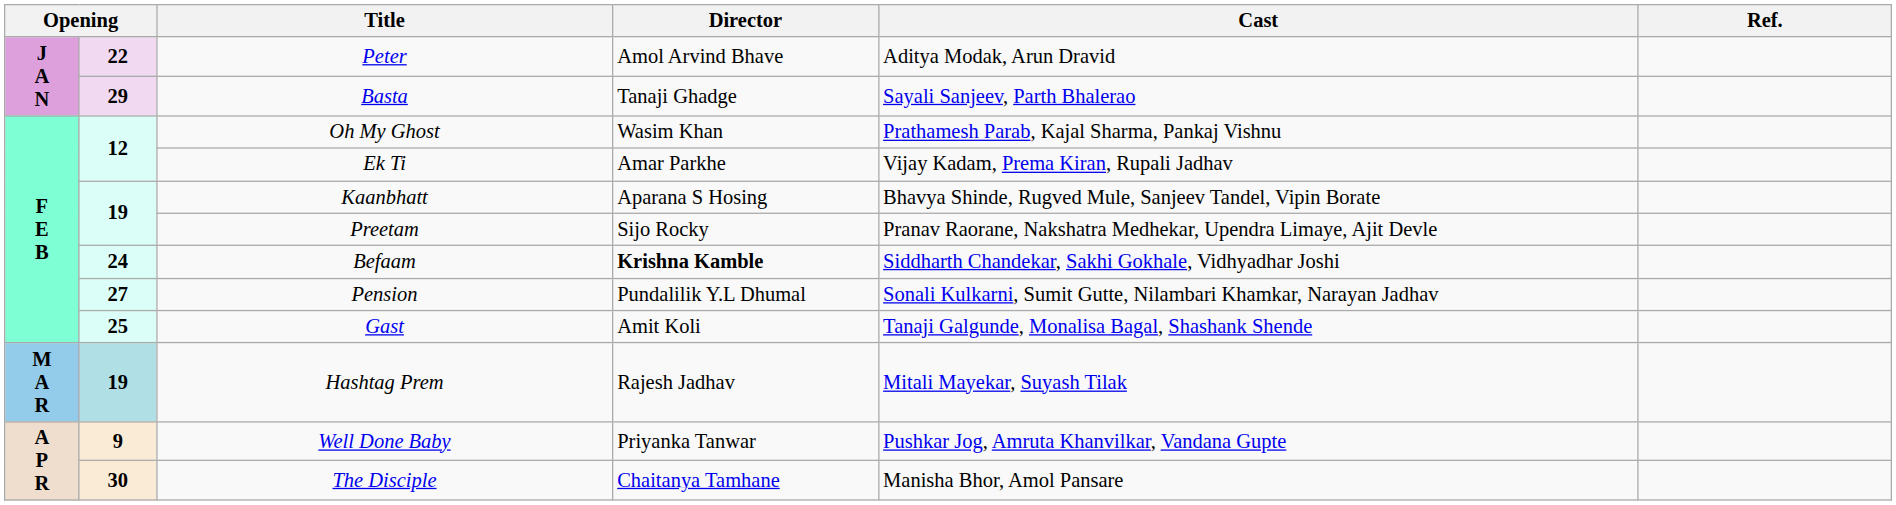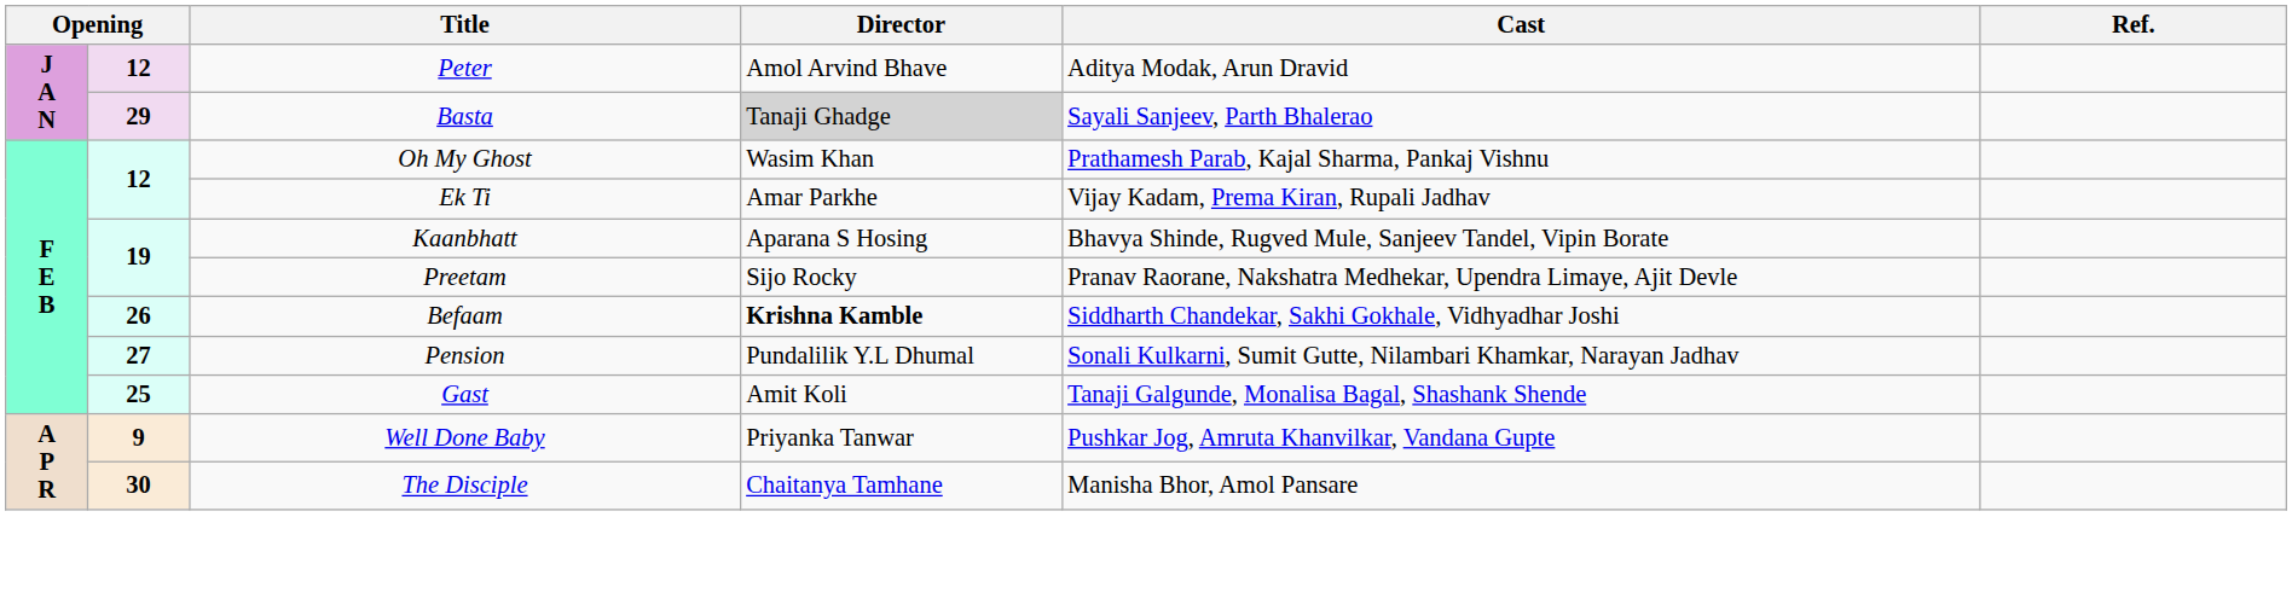 <table class="wikitable sortable">
 <tr>
 <th colspan="2" style="width:6%;"><strong>Opening</strong></th>
 <th style="width:18%;"><strong>Title</strong></th>
 <th style="width:10.5%;"><strong>Director</strong></th>
 <th style="width:30%;"><strong>Cast</strong></th>
 <th style="width:10%;"><strong>Ref.</strong></th>
 </tr>
 <tr January>
 <th rowspan="2" style="text-align:center; background:plum; textcolor:#000;"><strong>J<br>A<br>N</strong></th>
-<td rowspan="1" style="text-align:center;background:#f1daf1;"><strong>22</strong></td>
+<td rowspan="1" style="text-align:center;background:#f1daf1;"><strong>12</strong></td>
 <td style="text-align:center;"><em><a href='#'>Peter</a></em></td>
 <td>Amol Arvind Bhave</td>
 <td>Aditya Modak, Arun Dravid</td>
 <td></td>
 </tr>
 <tr>
 <td rowspan="1" style="text-align:center;background:#f1daf1;"><strong>29</strong></td>
 <td style="text-align:center;"><em><a href='#'>Basta</a></em></td>
-<td>Tanaji Ghadge</td>
+<td style="background: lightgrey;">Tanaji Ghadge</td>
 <td><a href='#'>Sayali Sanjeev</a>, <a href='#'>Parth Bhalerao</a></td>
 <td></td>
 </tr>
 <tr February>
 <td rowspan="7" style="text-align:center; background:#7FFFD4; textcolor:#000;"><strong>F<br>E<br>B</strong></td>
 <td rowspan="2" style="text-align:center;background:#dbfff8;"><strong>12</strong></td>
 <td style="text-align:center;"><em>Oh My Ghost</em></td>
 <td>Wasim Khan</td>
 <td><a href='#'>Prathamesh Parab</a>, Kajal Sharma, Pankaj Vishnu</td>
 <td></td>
 </tr>
 <tr>
 <td style="text-align:center;"><em>Ek Ti</em></td>
 <td>Amar Parkhe</td>
 <td>Vijay Kadam, <a href='#'>Prema Kiran</a>, Rupali Jadhav</td>
 <td></td>
 </tr>
 <tr>
 <td rowspan="2" style="text-align:center;background:#dbfff8;"><strong>19</strong></td>
 <td style="text-align:center;"><em>Kaanbhatt</em></td>
 <td>Aparana S Hosing</td>
 <td>Bhavya Shinde, Rugved Mule, Sanjeev Tandel, Vipin Borate</td>
 <td></td>
 </tr>
 <tr>
 <td style="text-align:center;"><em>Preetam</em></td>
 <td>Sijo Rocky</td>
 <td>Pranav Raorane, Nakshatra Medhekar, Upendra Limaye, Ajit Devle</td>
 <td></td>
 </tr>
 <tr>
-<td rowspan="1" style="text-align:center;background:#dbfff8;"><strong>24</strong></td>
+<td rowspan="1" style="text-align:center;background:#dbfff8;"><strong>26</strong></td>
 <td style="text-align:center;"><em>Befaam</em></td>
 <td><strong>Krishna Kamble</strong></td>
 <td><a href='#'>Siddharth Chandekar</a>, <a href='#'>Sakhi Gokhale</a>, Vidhyadhar Joshi</td>
 <td></td>
 </tr>
 <tr>
 <td rowspan="1" style="text-align:center;background:#dbfff8;"><strong>27</strong></td>
 <td style="text-align:center;"><em>Pension</em></td>
 <td>Pundalilik Y.L Dhumal</td>
 <td><a href='#'>Sonali Kulkarni</a>, Sumit Gutte, Nilambari Khamkar, Narayan Jadhav</td>
 <td></td>
 </tr>
 <tr>
 <td rowspan="1" style="text-align:center;background:#dbfff8;textcolor:#000;"><strong>25</strong></td>
 <td style="text-align:center;"><em><a href='#'>Gast</a></em></td>
 <td>Amit Koli</td>
 <td><a href='#'>Tanaji Galgunde</a>, <a href='#'>Monalisa Bagal</a>, <a href='#'>Shashank Shende</a></td>
 <td></td>
 </tr>
-<tr March>
-<td rowspan="1" style="text-align:center; background:#93CCEA; textcolor:#000;"><strong>M<br>A<br>R</strong></td>
-<td rowspan="1" style="text-align:center;background:#B0E0E6;"><strong>19</strong></td>
-<td style="text-align:center;"><em>Hashtag Prem</em></td>
-<td>Rajesh Jadhav</td>
-<td><a href='#'>Mitali Mayekar</a>, <a href='#'>Suyash Tilak</a></td>
-<td></td>
-</tr>
 <tr April>
 <th rowspan="3" style="text-align:center; background:#EFDECD; textcolor:#000;"><strong>A<br>P<br>R</strong></th>
 <td rowspan="1" style="text-align:center;background:#FAEBD7;"><strong>9</strong></td>
 <td style="text-align:center;"><em><a href='#'>Well Done Baby</a></em></td>
 <td>Priyanka Tanwar</td>
 <td><a href='#'>Pushkar Jog</a>, <a href='#'>Amruta Khanvilkar</a>, <a href='#'>Vandana Gupte</a></td>
 <td></td>
 </tr>
 <tr>
 <td style="text-align:center;background:#FAEBD7"><strong>30</strong></td>
 <td style="text-align:center;"><em><a href='#'>The Disciple</a></em></td>
 <td><a href='#'>Chaitanya Tamhane</a></td>
 <td>Manisha Bhor, Amol Pansare</td>
 <td></td>
 </tr>
 </table>
